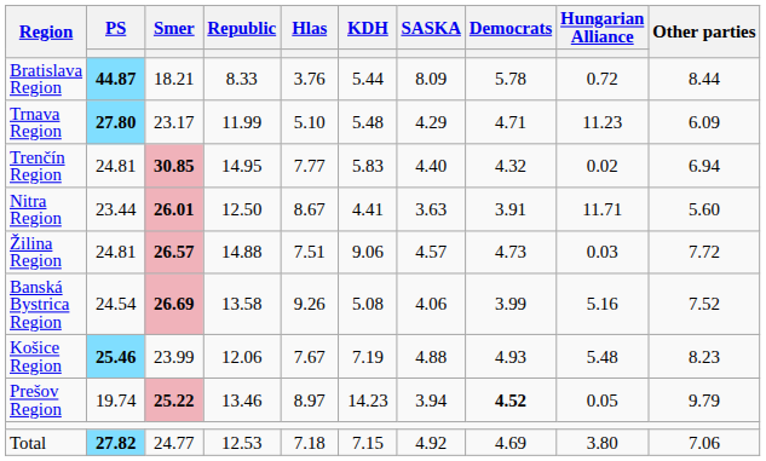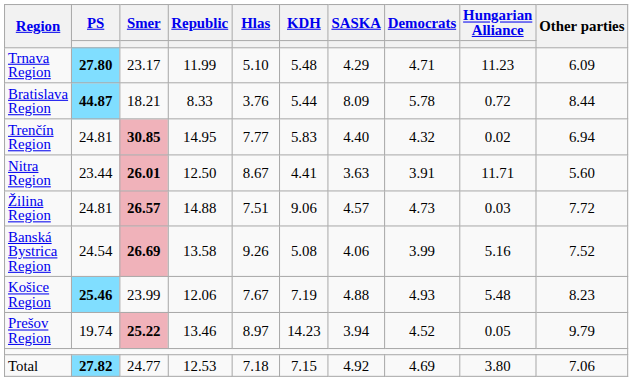 <table class="wikitable sortable nowrap" style="text-align:center;font-size:90%;line-height:14px">
 <tr>
 <th style="width:40px;" rowspan="2"><a href='#'>Region</a></th>
 <th style="width:40px;"><a href='#'>PS</a></th>
 <th style="width:40px;"><a href='#'>Smer</a></th>
 <th style="width:40px;"><a href='#'>Republic</a></th>
 <th style="width:40px;"><a href='#'>Hlas</a></th>
 <th style="width:40px;"><a href='#'>KDH</a></th>
 <th style="width:40px;"><a href='#'>SASKA</a></th>
 <th style="width:40px;"><a href='#'>Democrats</a></th>
 <th style="width:40px;"><a href='#'>Hungarian Alliance</a></th>
 <th class="unsortable" style="width:40px;" rowspan="2">Other parties</th>
 </tr>
 <tr>
 <th style="background:"></th>
 <th style="background:"></th>
 <th style="background:"></th>
 <th style="background:"></th>
 <th style="background:"></th>
 <th style="background:"></th>
 <th style="background:"></th>
 <th style="background:"></th>
 </tr>
 <tr>
+<td align="left"><a href='#'>Trnava Region</a></td>
+<td style="background:#80deff;"><strong>27.80</strong></td>
+<td>23.17</td>
+<td>11.99</td>
+<td>5.10</td>
+<td>5.48</td>
+<td>4.29</td>
+<td>4.71</td>
+<td>11.23</td>
+<td>6.09</td>
+</tr>
+<tr>
 <td align="left"><a href='#'>Bratislava Region</a></td>
 <td style="background:#80deff;"><strong>44.87</strong></td>
 <td>18.21</td>
 <td>8.33</td>
 <td>3.76</td>
 <td>5.44</td>
 <td>8.09</td>
 <td>5.78</td>
 <td>0.72</td>
 <td>8.44</td>
-</tr>
-<tr>
-<td align="left"><a href='#'>Trnava Region</a></td>
-<td style="background:#80deff;"><strong>27.80</strong></td>
-<td>23.17</td>
-<td>11.99</td>
-<td>5.10</td>
-<td>5.48</td>
-<td>4.29</td>
-<td>4.71</td>
-<td>11.23</td>
-<td>6.09</td>
 </tr>
 <tr>
 <td align="left"><a href='#'>Trenčín Region</a></td>
 <td>24.81</td>
 <td style="background:#F0B2BA;"><strong>30.85</strong></td>
 <td>14.95</td>
 <td>7.77</td>
 <td>5.83</td>
 <td>4.40</td>
 <td>4.32</td>
 <td>0.02</td>
 <td>6.94</td>
 </tr>
 <tr>
 <td align="left"><a href='#'>Nitra Region</a></td>
 <td>23.44</td>
 <td style="background:#F0B2BA;"><strong>26.01</strong></td>
 <td>12.50</td>
 <td>8.67</td>
 <td>4.41</td>
 <td>3.63</td>
 <td>3.91</td>
 <td>11.71</td>
 <td>5.60</td>
 </tr>
 <tr>
 <td align="left"><a href='#'>Žilina Region</a></td>
 <td>24.81</td>
 <td style="background:#F0B2BA;"><strong>26.57</strong></td>
 <td>14.88</td>
 <td>7.51</td>
 <td>9.06</td>
 <td>4.57</td>
 <td>4.73</td>
 <td>0.03</td>
 <td>7.72</td>
 </tr>
 <tr>
 <td align="left"><a href='#'>Banská Bystrica Region</a></td>
 <td>24.54</td>
 <td style="background:#F0B2BA;"><strong>26.69</strong></td>
 <td>13.58</td>
 <td>9.26</td>
 <td>5.08</td>
 <td>4.06</td>
 <td>3.99</td>
 <td>5.16</td>
 <td>7.52</td>
 </tr>
 <tr>
 <td align="left"><a href='#'>Košice Region</a></td>
 <td style="background:#80deff;"><strong>25.46</strong></td>
 <td>23.99</td>
 <td>12.06</td>
 <td>7.67</td>
 <td>7.19</td>
 <td>4.88</td>
 <td>4.93</td>
 <td>5.48</td>
 <td>8.23</td>
 </tr>
 <tr>
 <td align="left"><a href='#'>Prešov Region</a></td>
 <td>19.74</td>
 <td style="background:#F0B2BA;"><strong>25.22</strong></td>
 <td>13.46</td>
 <td>8.97</td>
 <td>14.23</td>
 <td>3.94</td>
-<td><strong>4.52</strong></td>
+<td>4.52</td>
 <td>0.05</td>
 <td>9.79</td>
 </tr>
 <tr>
 <td colspan=10></td>
 </tr>
 <tr>
 <td align="left">Total</td>
 <td style="background:#80deff;"><strong>27.82</strong></td>
 <td>24.77</td>
 <td>12.53</td>
 <td>7.18</td>
 <td>7.15</td>
 <td>4.92</td>
 <td>4.69</td>
 <td>3.80</td>
 <td>7.06</td>
 </tr>
 </table>
